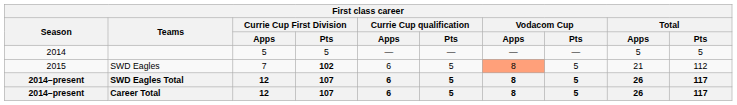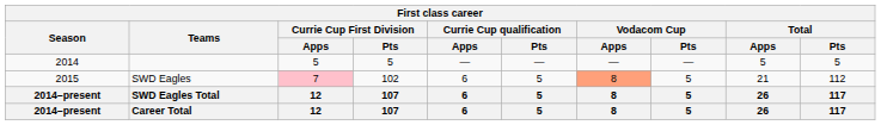 <table class="wikitable" style="text-align:center; font-size:85%; width:90%">
 <tr>
 <th colspan=100%>First class career</th>
 </tr>
 <tr>
 <th style="width:10%;" rowspan=2>Season</th>
 <th style="width:12%;" rowspan=2>Teams</th>
 <th colspan=2>Currie Cup First Division</th>
 <th colspan=2>Currie Cup qualification</th>
 <th colspan=2>Vodacom Cup</th>
 <th colspan=2>Total</th>
 </tr>
 <tr>
 <th style="width:6%;">Apps</th>
 <th style="width:6%;">Pts</th>
 <th style="width:6%;">Apps</th>
 <th style="width:6%;">Pts</th>
 <th style="width:6%;">Apps</th>
 <th style="width:6%;">Pts</th>
 <th style="width:6%;">Apps</th>
 <th style="width:6%;">Pts</th>
 </tr>
 <tr>
 <td>2014</td>
 <td style="text-align:left;"></td>
 <td>5</td>
 <td>5</td>
 <td>—</td>
 <td>—</td>
 <td>—</td>
 <td>—</td>
 <td>5</td>
 <td>5</td>
 </tr>
 <tr>
 <td>2015</td>
 <td style="text-align:left;">SWD Eagles</td>
-<td>7</td>
-<td><strong>102</strong></td>
+<td style="background: pink;">7</td>
+<td>102</td>
 <td>6</td>
 <td>5</td>
 <td style="background: lightsalmon;">8</td>
 <td>5</td>
 <td>21</td>
 <td>112</td>
 </tr>
 <tr>
 <th>2014–present</th>
 <th style="text-align:left;">SWD Eagles Total</th>
 <th>12</th>
 <th>107</th>
 <th>6</th>
 <th>5</th>
 <th>8</th>
 <th>5</th>
 <th>26</th>
 <th>117</th>
 </tr>
 <tr>
 <th>2014–present</th>
 <th style="text-align:left;">Career Total</th>
 <th>12</th>
 <th>107</th>
 <th>6</th>
 <th>5</th>
 <th>8</th>
 <th>5</th>
 <th>26</th>
 <th>117</th>
 </tr>
 </table>
